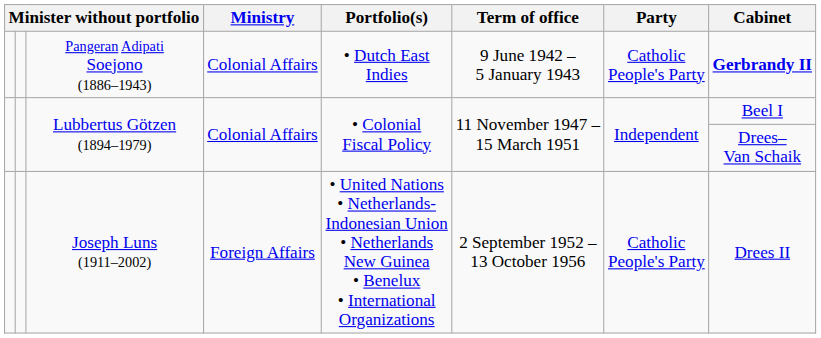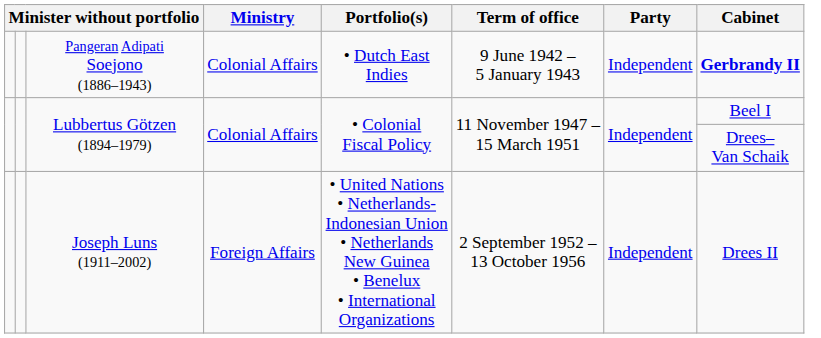 <table class="wikitable" style="text-align:center">
 <tr>
 <th colspan=3>Minister without portfolio</th>
 <th><a href='#'>Ministry</a></th>
 <th>Portfolio(s)</th>
 <th>Term of office</th>
 <th>Party</th>
 <th>Cabinet</th>
 </tr>
 <tr>
 <td style="background:"></td>
 <td></td>
 <td><small><a href='#'>Pangeran</a> <a href='#'>Adipati</a></small> <br> <a href='#'>Soejono</a> <br> <small>(1886–1943)</small></td>
 <td><a href='#'>Colonial Affairs</a></td>
 <td>• <a href='#'>Dutch East <br> Indies</a></td>
 <td>9 June 1942 – <br> 5 January 1943 <br> </td>
-<td><a href='#'>Catholic <br> People's Party</a></td>
+<td><a href='#'>Independent</a></td>
 <td><strong><a href='#'>Gerbrandy II</a> <br></strong></td>
 </tr>
 <tr>
 <td rowspan=2 style="background:"></td>
 <td rowspan=2></td>
 <td rowspan=2><a href='#'>Lubbertus Götzen</a> <br> <small>(1894–1979)</small></td>
 <td rowspan=2><a href='#'>Colonial Affairs</a></td>
 <td rowspan=2>• <a href='#'>Colonial <br> Fiscal Policy</a></td>
 <td rowspan=2>11 November 1947 – <br> 15 March 1951</td>
 <td rowspan=2><a href='#'>Independent</a></td>
 <td><a href='#'>Beel I</a> <br></td>
 </tr>
 <tr>
 <td><a href='#'>Drees–<br>Van Schaik</a> <br></td>
 </tr>
 <tr>
 <td style="background:"></td>
 <td></td>
 <td><a href='#'>Joseph Luns</a> <br> <small>(1911–2002)</small></td>
 <td><a href='#'>Foreign Affairs</a></td>
 <td>• <a href='#'>United Nations</a> <br> • <a href='#'>Netherlands-<br>Indonesian Union</a> <br> • <a href='#'>Netherlands <br> New Guinea</a> <br> • <a href='#'>Benelux</a> <br> • <a href='#'>International <br> Organizations</a></td>
 <td>2 September 1952 – <br> 13 October 1956</td>
-<td><a href='#'>Catholic <br> People's Party</a></td>
+<td><a href='#'>Independent</a></td>
 <td><a href='#'>Drees II</a> <br></td>
 </tr>
 </table>
